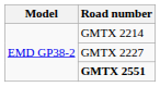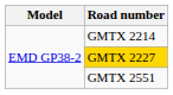 <table class="wikitable">
 <tr>
 <th>Model</th>
 <th>Road number</th>
 </tr>
 <tr>
 <td rowspan="3"><a href='#'>EMD GP38-2</a></td>
 <td>GMTX 2214</td>
 </tr>
 <tr>
-<td>GMTX 2227</td>
+<td style="background: gold;">GMTX 2227</td>
 </tr>
 <tr>
-<td><strong>GMTX 2551</strong></td>
+<td>GMTX 2551</td>
 </tr>
 </table>
